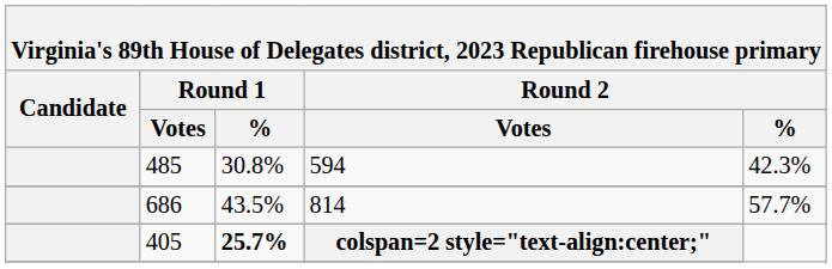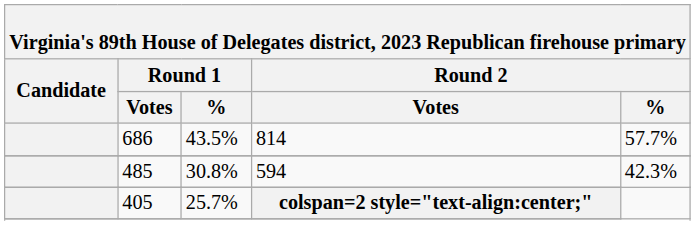 <table class="wikitable sortable">
 <tr>
 <th colspan=" 5 "><br>Virginia's 89th House of Delegates district, 2023 Republican firehouse primary</th>
 </tr>
 <tr style="background:#eee; text-align:center;">
 <th rowspan=2 style="text-align:center;">Candidate</th>
 <th colspan=2 style="text-align:center;">Round 1</th>
 <th colspan=2 style="text-align:center;">Round 2</th>
 </tr>
 <tr>
 <th>Votes</th>
 <th>%</th>
 <th>Votes</th>
 <th>%</th>
 </tr>
 <tr>
 <th scope="row" style="text-align:left;"></th>
+<td>686</td>
+<td>43.5%</td>
+<td> 814</td>
+<td> 57.7%</td>
+</tr>
+<tr>
+</tr>
+<tr>
+<th scope="row" style="text-align:left;"></th>
 <td>485</td>
 <td>30.8%</td>
 <td>594</td>
 <td>42.3%</td>
 </tr>
 <tr>
 </tr>
 <tr>
 <th scope="row" style="text-align:left;"></th>
-<td>686</td>
-<td>43.5%</td>
-<td> 814</td>
-<td> 57.7%</td>
-</tr>
-<tr>
-</tr>
-<tr>
-<th scope="row" style="text-align:left;"></th>
 <td>405</td>
-<td><strong>25.7%</strong></td>
+<td>25.7%</td>
 <th>colspan=2 style="text-align:center;" </th>
 </tr>
 <tr>
 </tr>
 <tr>
 </tr>
 <tr>
 </tr>
 </table>
